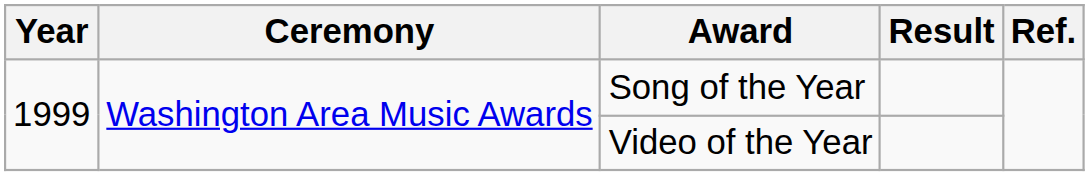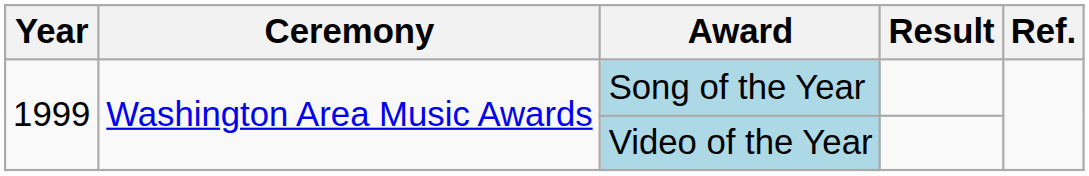 <table class="wikitable">
 <tr>
 <th align="left">Year</th>
 <th align="left">Ceremony</th>
 <th align="left">Award</th>
 <th align="left">Result</th>
 <th align="left">Ref.</th>
 </tr>
 <tr>
 <td rowspan="2">1999</td>
 <td rowspan="2"><a href='#'>Washington Area Music Awards</a></td>
-<td>Song of the Year</td>
+<td style="background: lightblue;">Song of the Year</td>
 <td></td>
 <td rowspan="2"></td>
 </tr>
 <tr>
-<td>Video of the Year</td>
+<td style="background: lightblue;">Video of the Year</td>
 <td></td>
 </tr>
 </table>
